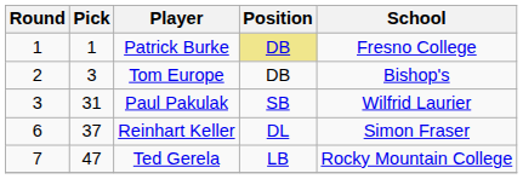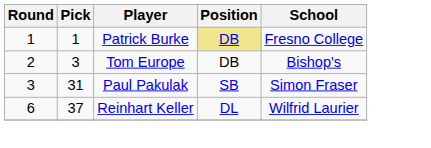 <table class="wikitable" style="text-align:center">
 <tr>
 <th scope="col">Round</th>
 <th scope="col">Pick</th>
 <th scope="col">Player</th>
 <th scope="col">Position</th>
 <th scope="col">School</th>
 </tr>
 <tr align="center">
 <td align=center>1</td>
 <td>1</td>
 <td><a href='#'>Patrick Burke</a></td>
 <td style="background: khaki;"><a href='#'>DB</a></td>
 <td><a href='#'>Fresno College</a></td>
 </tr>
 <tr align="center">
 <td align=center>2</td>
 <td>3</td>
 <td><a href='#'>Tom Europe</a></td>
 <td>DB</td>
 <td><a href='#'>Bishop's</a></td>
 </tr>
 <tr align="center">
 <td align=center>3</td>
 <td>31</td>
 <td><a href='#'>Paul Pakulak</a></td>
 <td><a href='#'>SB</a></td>
-<td><a href='#'>Wilfrid Laurier</a></td>
+<td><a href='#'>Simon Fraser</a></td>
 </tr>
 <tr align="center">
 <td align=center>6</td>
 <td>37</td>
 <td><a href='#'>Reinhart Keller</a></td>
 <td><a href='#'>DL</a></td>
-<td><a href='#'>Simon Fraser</a></td>
-</tr>
-<tr align="center">
-<td align=center>7</td>
-<td>47</td>
-<td><a href='#'>Ted Gerela</a></td>
-<td><a href='#'>LB</a></td>
-<td><a href='#'>Rocky Mountain College</a></td>
+<td><a href='#'>Wilfrid Laurier</a></td>
 </tr>
 <tr>
 </tr>
 </table>
